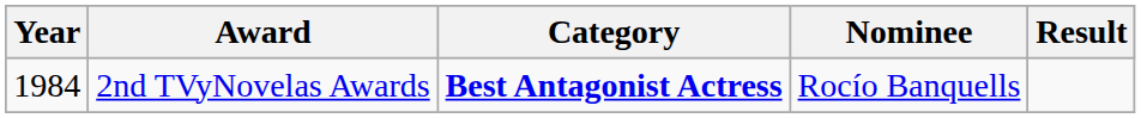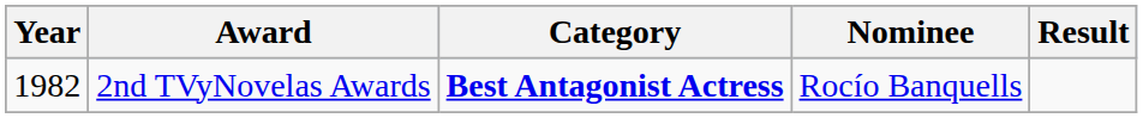 <table class="wikitable">
 <tr style="background:#b0c4de;">
 <th>Year</th>
 <th>Award</th>
 <th>Category</th>
 <th>Nominee</th>
 <th>Result</th>
 </tr>
 <tr>
-<td>1984</td>
+<td>1982</td>
 <td><a href='#'>2nd TVyNovelas Awards</a></td>
 <td><strong><a href='#'>Best Antagonist Actress</a></strong></td>
 <td><a href='#'>Rocío Banquells</a></td>
 <td></td>
 </tr>
 </table>
